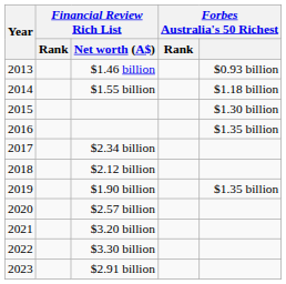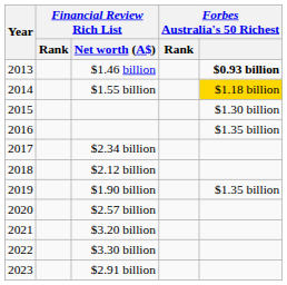 <table class="wikitable">
 <tr>
 <th rowspan=2>Year</th>
 <th colspan=2><em><a href='#'>Financial Review</a></em><br><a href='#'>Rich List</a></th>
 <th colspan=2><em><a href='#'>Forbes</a></em><br><a href='#'>Australia's 50 Richest</a></th>
 </tr>
 <tr>
 <th>Rank</th>
 <th><a href='#'>Net worth</a> (<a href='#'>A$</a>)</th>
 <th>Rank</th>
 <th></th>
 </tr>
 <tr>
 <td>2013</td>
 <td align="center"></td>
 <td align="right">$1.46 <a href='#'>billion</a></td>
 <td align="center"></td>
-<td align="right">$0.93 billion </td>
+<td align="right"><strong>$0.93 billion </strong></td>
 </tr>
 <tr>
 <td>2014</td>
 <td align="center"></td>
 <td align="right">$1.55 billion </td>
 <td align="center"></td>
-<td align="right">$1.18 billion </td>
+<td align="right" style="background: gold;">$1.18 billion </td>
 </tr>
 <tr>
 <td>2015</td>
 <td align="center"></td>
 <td align="right"></td>
 <td align="center"></td>
 <td align="right">$1.30 billion </td>
 </tr>
 <tr>
 <td>2016</td>
 <td align="center"></td>
 <td align="right"></td>
 <td align="center"></td>
 <td align="right">$1.35 billion </td>
 </tr>
 <tr>
 <td>2017</td>
 <td align="center"></td>
 <td align="right">$2.34 billion </td>
 <td align="center"></td>
 <td align="right"></td>
 </tr>
 <tr>
 <td>2018</td>
 <td align="center"></td>
 <td align="right">$2.12 billion </td>
 <td align="center"></td>
 <td align="right"></td>
 </tr>
 <tr>
 <td>2019</td>
 <td align="center"></td>
 <td align="right">$1.90 billion </td>
 <td align="center"></td>
 <td align="right">$1.35 billion </td>
 </tr>
 <tr>
 <td>2020</td>
 <td align="center"></td>
 <td align="right">$2.57 billion </td>
 <td align="center"></td>
 <td align="right"></td>
 </tr>
 <tr>
 <td>2021</td>
 <td align="center"></td>
 <td align="right">$3.20 billion </td>
 <td align="center"></td>
 <td align="right"></td>
 </tr>
 <tr>
 <td>2022</td>
 <td align="center"></td>
 <td align="right">$3.30 billion </td>
 <td align="center"></td>
 <td align="right"></td>
 </tr>
 <tr>
 <td>2023</td>
 <td align="center"></td>
 <td align="right">$2.91 billion </td>
 <td align="center"></td>
 <td align="right"></td>
 </tr>
 </table>
